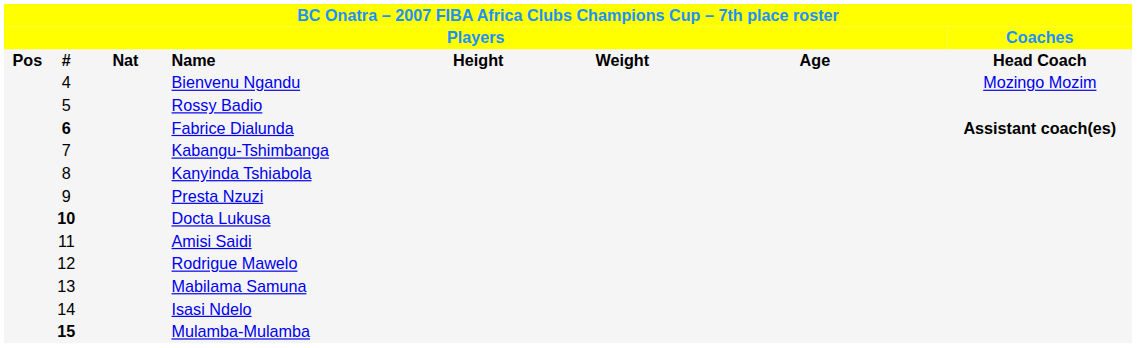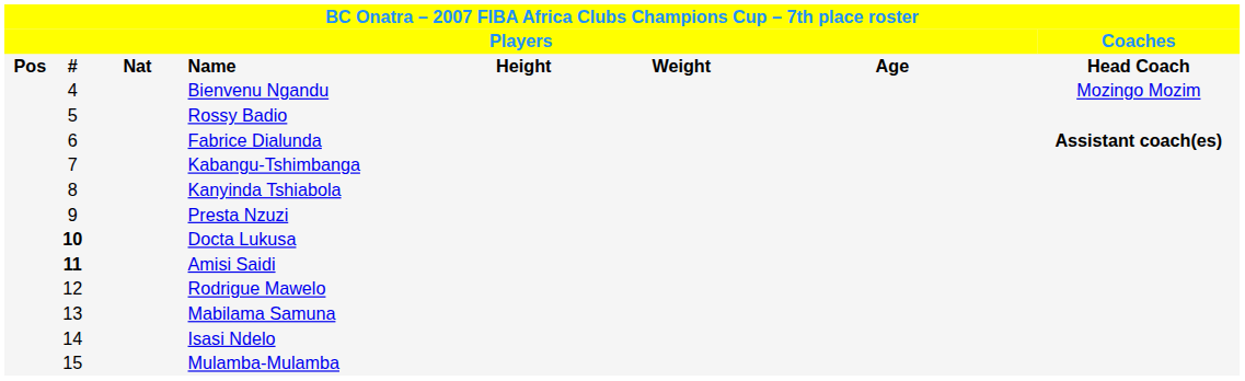 <table border=0 cellpadding=2 cellspacing=0  |- bgcolor=#f5f5f5 style="text-align:center; font-size:85%;" width=75%>
 <tr>
 <td colspan="8" style="background: yellow; color: #1e90ff"><strong>BC Onatra – 2007 FIBA Africa Clubs Champions Cup – 7th place roster</strong></td>
 </tr>
 <tr>
 <td colspan="7" style="background: yellow; color: #1e90ff"><strong>Players</strong></td>
 <td style="background: yellow; color: #1e90ff"><strong>Coaches</strong></td>
 </tr>
 <tr style="background=#f5f5f5; color: black">
 <th width=5px>Pos</th>
 <th width=5px>#</th>
 <th width=50px>Nat</th>
 <th width=135px align=left>Name</th>
 <th width=100px>Height</th>
 <th width=70px>Weight</th>
 <th width=160px>Age</th>
 <th width=110px>Head Coach</th>
 </tr>
 <tr>
 <td></td>
 <td>4</td>
 <td></td>
 <td align=left><a href='#'>Bienvenu Ngandu</a></td>
 <td></td>
 <td></td>
 <td><span></span></td>
 <td> <a href='#'>Mozingo Mozim</a></td>
 </tr>
 <tr>
 <td></td>
 <td>5</td>
 <td></td>
 <td align=left><a href='#'>Rossy Badio</a></td>
 <td></td>
 <td></td>
 <td><span></span></td>
 </tr>
 <tr>
 <td></td>
-<td><strong>6</strong></td>
+<td>6</td>
 <td></td>
 <td align=left><a href='#'>Fabrice Dialunda</a></td>
 <td></td>
 <td></td>
 <td><span></span></td>
 <td><strong>Assistant coach(es)</strong></td>
 </tr>
 <tr>
 <td></td>
 <td>7</td>
 <td></td>
 <td align=left><a href='#'>Kabangu-Tshimbanga</a></td>
 <td></td>
 <td></td>
 <td><span></span></td>
 </tr>
 <tr>
 <td></td>
 <td>8</td>
 <td></td>
 <td align=left><a href='#'>Kanyinda Tshiabola</a></td>
 <td></td>
 <td></td>
 <td><span></span></td>
 <td></td>
 </tr>
 <tr>
 <td></td>
 <td>9</td>
 <td></td>
 <td align=left><a href='#'>Presta Nzuzi</a></td>
 <td></td>
 <td></td>
 <td><span></span></td>
 </tr>
 <tr>
 <td></td>
 <td><strong>10</strong></td>
 <td></td>
 <td align=left><a href='#'>Docta Lukusa</a></td>
 <td></td>
 <td></td>
 <td><span></span></td>
 </tr>
 <tr>
 <td></td>
-<td>11</td>
+<td><strong>11</strong></td>
 <td></td>
 <td align=left><a href='#'>Amisi Saidi</a></td>
 <td></td>
 <td></td>
 <td><span></span></td>
 </tr>
 <tr>
 <td></td>
 <td>12</td>
 <td></td>
 <td align=left><a href='#'>Rodrigue Mawelo</a></td>
 <td></td>
 <td></td>
 <td><span></span></td>
 </tr>
 <tr>
 <td></td>
 <td>13</td>
 <td></td>
 <td align=left><a href='#'>Mabilama Samuna</a></td>
 <td></td>
 <td></td>
 <td><span></span></td>
 <td></td>
 </tr>
 <tr>
 <td></td>
 <td>14</td>
 <td></td>
 <td align=left><a href='#'>Isasi Ndelo</a></td>
 <td></td>
 <td></td>
 <td><span></span></td>
 <td></td>
 </tr>
 <tr>
 <td></td>
-<td><strong>15</strong></td>
+<td>15</td>
 <td></td>
 <td align=left><a href='#'>Mulamba-Mulamba</a></td>
 <td></td>
 <td></td>
 <td><span></span></td>
 </tr>
 </table>
